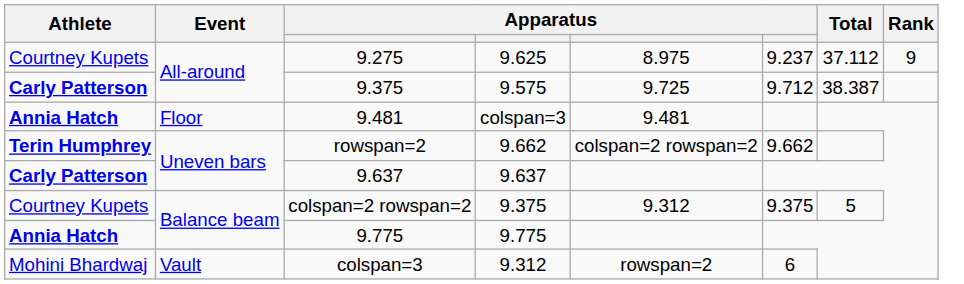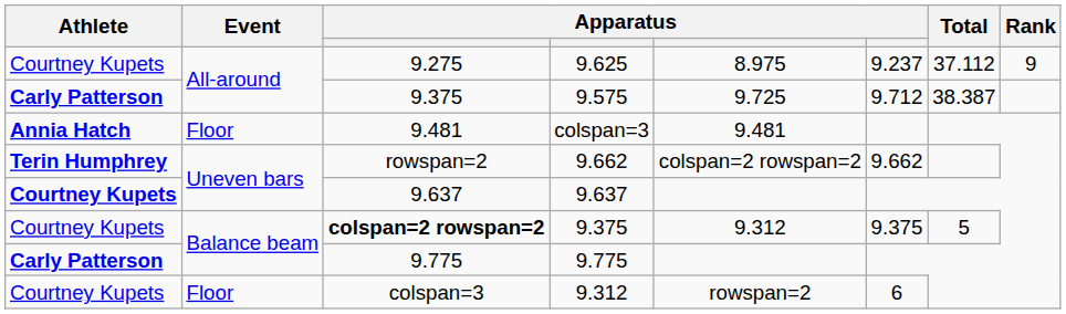 <table class=wikitable style=font-size:90%;text-align:center>
 <tr>
 <th rowspan=2>Athlete</th>
 <th rowspan=2>Event</th>
 <th colspan =4>Apparatus</th>
 <th rowspan=2>Total</th>
 <th rowspan=2>Rank</th>
 </tr>
 <tr style=font-size:95%>
 <th></th>
 <th></th>
 <th></th>
 <th></th>
 </tr>
 <tr>
 <td align=left><a href='#'>Courtney Kupets</a></td>
 <td align=left rowspan=2><a href='#'>All-around</a></td>
 <td>9.275</td>
 <td>9.625</td>
 <td>8.975</td>
 <td>9.237</td>
 <td>37.112</td>
 <td>9</td>
 </tr>
 <tr>
 <td align=left><strong><a href='#'>Carly Patterson</a></strong></td>
 <td>9.375</td>
 <td>9.575</td>
 <td>9.725</td>
 <td>9.712</td>
 <td>38.387</td>
 <td></td>
 </tr>
 <tr>
 <td align=left><strong><a href='#'>Annia Hatch</a></strong></td>
 <td align=left><a href='#'>Floor</a></td>
 <td>9.481</td>
 <td>colspan=3 </td>
 <td>9.481</td>
 <td></td>
 </tr>
 <tr>
 <td align=left><strong><a href='#'>Terin Humphrey</a></strong></td>
 <td align=left rowspan=2><a href='#'>Uneven bars</a></td>
 <td>rowspan=2 </td>
 <td>9.662</td>
 <td>colspan=2 rowspan=2 </td>
 <td>9.662</td>
 <td></td>
 </tr>
 <tr>
-<td align=left><strong><a href='#'>Carly Patterson</a></strong></td>
+<td align=left><strong><a href='#'>Courtney Kupets</a></strong></td>
 <td>9.637</td>
 <td>9.637</td>
 <td></td>
 </tr>
 <tr>
 <td align=left><a href='#'>Courtney Kupets</a></td>
 <td align=left rowspan=2><a href='#'>Balance beam</a></td>
-<td>colspan=2 rowspan=2 </td>
+<td><strong>colspan=2 rowspan=2 </strong></td>
 <td>9.375</td>
 <td>9.312</td>
 <td>9.375</td>
 <td>5</td>
 </tr>
 <tr>
-<td align=left><strong><a href='#'>Annia Hatch</a></strong></td>
+<td align=left><strong><a href='#'>Carly Patterson</a></strong></td>
 <td>9.775</td>
 <td>9.775</td>
 <td></td>
 </tr>
 <tr>
-<td align=left><a href='#'>Mohini Bhardwaj</a></td>
-<td align=left><a href='#'>Vault</a></td>
+<td align=left><a href='#'>Courtney Kupets</a></td>
+<td align=left><a href='#'>Floor</a></td>
 <td>colspan=3 </td>
 <td>9.312</td>
 <td>rowspan=2 </td>
 <td>6</td>
 </tr>
 </table>
